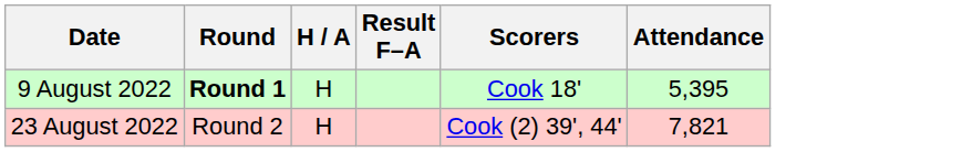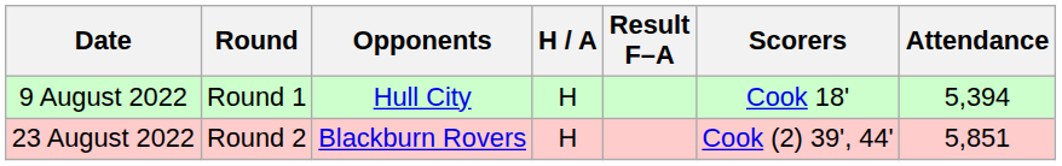 <table class="wikitable" style="text-align:center">
 <tr>
 <th>Date</th>
 <th>Round</th>
+<th>Opponents</th>
 <th>H / A</th>
 <th>Result<br>F–A</th>
 <th>Scorers</th>
 <th>Attendance</th>
 </tr>
 <tr bgcolor="#ccffcc">
 <td>9 August 2022</td>
-<td><strong>Round 1</strong></td>
+<td>Round 1</td>
+<td><a href='#'>Hull City</a></td>
 <td>H</td>
 <td></td>
 <td><a href='#'>Cook</a> 18'</td>
-<td>5,395</td>
+<td>5,394</td>
 </tr>
 <tr bgcolor="#ffcccc">
 <td>23 August 2022</td>
 <td>Round 2</td>
+<td><a href='#'>Blackburn Rovers</a></td>
 <td>H</td>
 <td></td>
 <td><a href='#'>Cook</a> (2) 39', 44'</td>
-<td>7,821</td>
+<td>5,851</td>
 </tr>
 </table>
